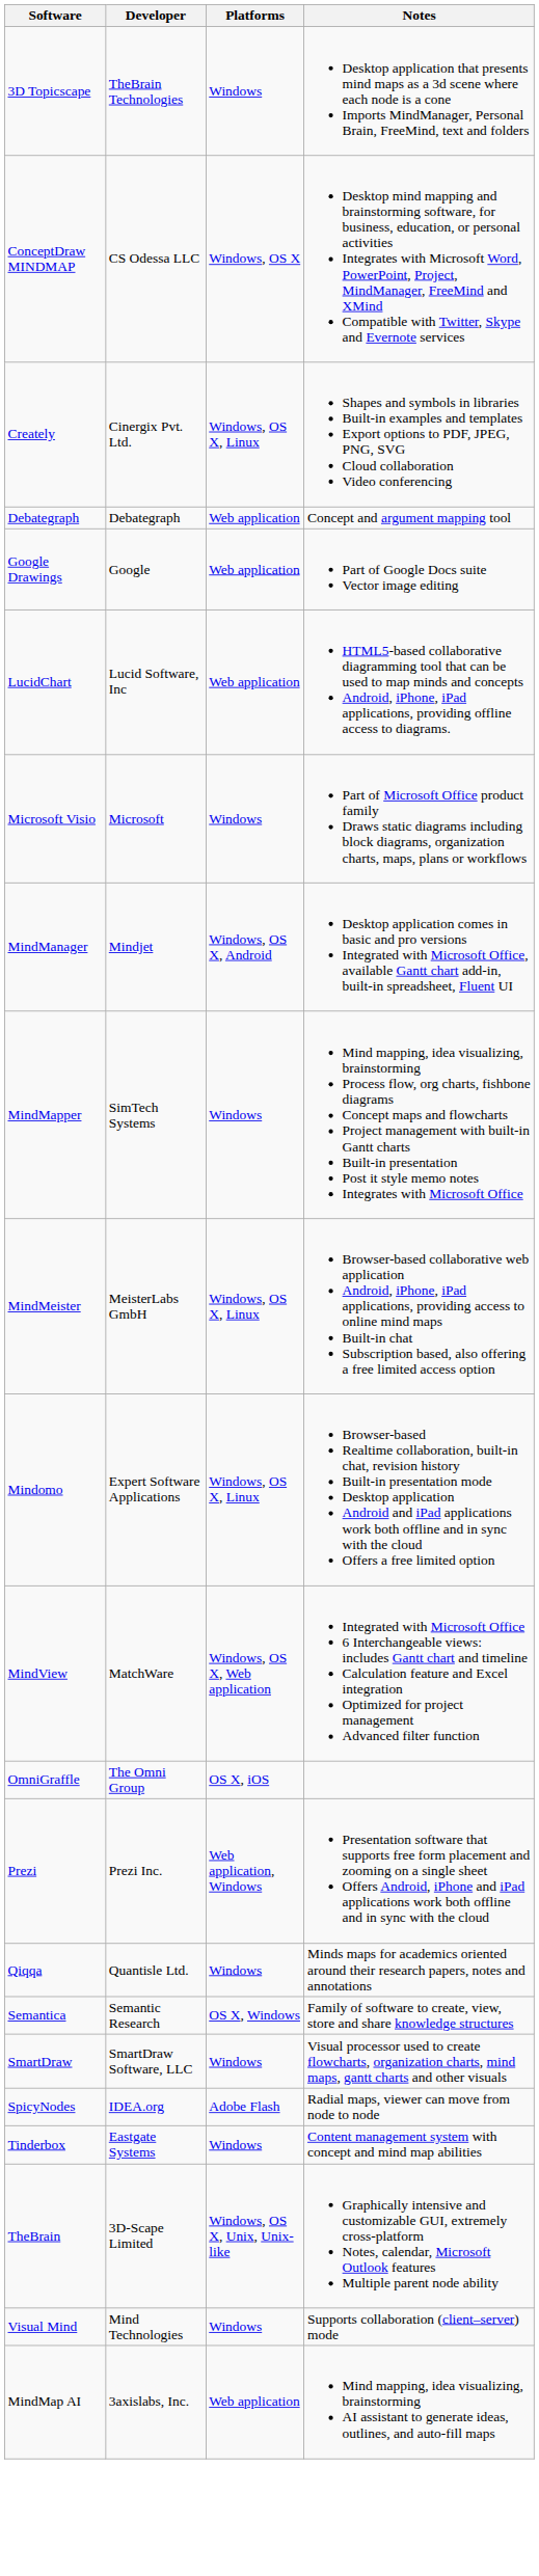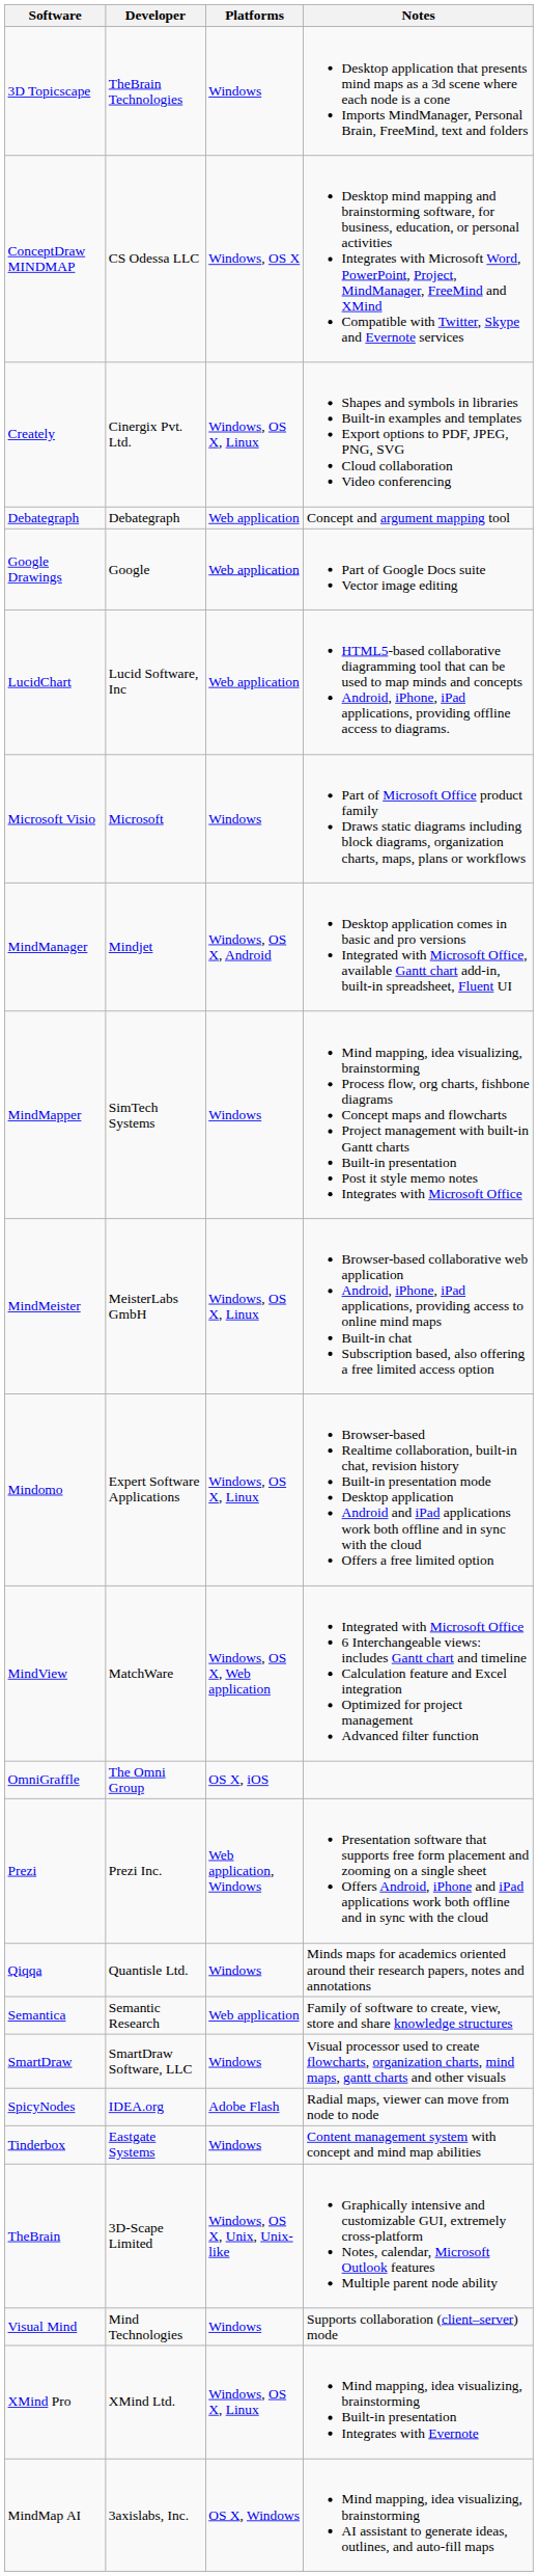 <table class="wikitable sortable sort-under mw-collapsible ">
 <tr>
 <th>Software</th>
 <th>Developer</th>
 <th>Platforms</th>
 <th>Notes</th>
 </tr>
 <tr>
 <td><a href='#'>3D Topicscape</a></td>
 <td><a href='#'>TheBrain Technologies</a></td>
 <td><a href='#'>Windows</a></td>
 <td><br><ul><li>Desktop application that presents mind maps as a 3d scene where each node is a cone</li><li>Imports MindManager, Personal Brain, FreeMind, text and folders</li></ul></td>
 </tr>
 <tr>
 <td><a href='#'>ConceptDraw MINDMAP</a></td>
 <td>CS Odessa LLC</td>
 <td><a href='#'>Windows</a>, <a href='#'>OS X</a></td>
 <td><br><ul><li>Desktop mind mapping and brainstorming software, for business, education, or personal activities</li><li>Integrates with Microsoft <a href='#'>Word</a>, <a href='#'>PowerPoint</a>, <a href='#'>Project</a>, <a href='#'>MindManager</a>, <a href='#'>FreeMind</a> and <a href='#'>XMind</a></li><li>Compatible with <a href='#'>Twitter</a>, <a href='#'>Skype</a> and <a href='#'>Evernote</a> services</li></ul></td>
 </tr>
 <tr>
 <td><a href='#'>Creately</a></td>
 <td>Cinergix Pvt. Ltd.</td>
 <td><a href='#'>Windows</a>, <a href='#'>OS X</a>, <a href='#'>Linux</a></td>
 <td><br><ul><li>Shapes and symbols in libraries</li><li>Built-in examples and templates</li><li>Export options to PDF, JPEG, PNG, SVG</li><li>Cloud collaboration</li><li>Video conferencing</li></ul></td>
 </tr>
 <tr>
 <td><a href='#'>Debategraph</a></td>
 <td>Debategraph</td>
 <td><a href='#'>Web application</a></td>
 <td>Concept and <a href='#'>argument mapping</a> tool</td>
 </tr>
 <tr>
 <td><a href='#'>Google Drawings</a></td>
 <td>Google</td>
 <td><a href='#'>Web application</a></td>
 <td><br><ul><li>Part of Google Docs suite</li><li>Vector image editing</li></ul></td>
 </tr>
 <tr>
 <td><a href='#'>LucidChart</a></td>
 <td>Lucid Software, Inc</td>
 <td><a href='#'>Web application</a></td>
 <td><br><ul><li><a href='#'>HTML5</a>-based collaborative diagramming tool that can be used to map minds and concepts</li><li><a href='#'>Android</a>, <a href='#'>iPhone</a>, <a href='#'>iPad</a> applications, providing offline access to diagrams.</li></ul></td>
 </tr>
 <tr>
 <td><a href='#'>Microsoft Visio</a></td>
 <td><a href='#'>Microsoft</a></td>
 <td><a href='#'>Windows</a></td>
 <td><br><ul><li>Part of <a href='#'>Microsoft Office</a> product family</li><li>Draws static diagrams including block diagrams, organization charts, maps, plans or workflows</li></ul></td>
 </tr>
 <tr>
 <td><a href='#'>MindManager</a></td>
 <td><a href='#'>Mindjet</a></td>
 <td><a href='#'>Windows</a>, <a href='#'>OS X</a>, <a href='#'>Android</a></td>
 <td><br><ul><li>Desktop application comes in basic and pro versions</li><li>Integrated with <a href='#'>Microsoft Office</a>, available <a href='#'>Gantt chart</a> add-in, built-in spreadsheet, <a href='#'>Fluent</a> UI</li></ul></td>
 </tr>
 <tr>
 <td><a href='#'>MindMapper</a></td>
 <td>SimTech Systems</td>
 <td><a href='#'>Windows</a></td>
 <td><br><ul><li>Mind mapping, idea visualizing, brainstorming</li><li>Process flow, org charts, fishbone diagrams</li><li>Concept maps and flowcharts</li><li>Project management with built-in Gantt charts</li><li>Built-in presentation</li><li>Post it style memo notes</li><li>Integrates with <a href='#'>Microsoft Office</a></li></ul></td>
 </tr>
 <tr>
 <td><a href='#'>MindMeister</a></td>
 <td>MeisterLabs GmbH</td>
 <td><a href='#'>Windows</a>, <a href='#'>OS X</a>, <a href='#'>Linux</a></td>
 <td><br><ul><li>Browser-based collaborative web application</li><li><a href='#'>Android</a>, <a href='#'>iPhone</a>, <a href='#'>iPad</a> applications, providing access to online mind maps</li><li>Built-in chat</li><li>Subscription based, also offering a free limited access option</li></ul></td>
 </tr>
 <tr>
 <td><a href='#'>Mindomo</a></td>
 <td>Expert Software Applications</td>
 <td><a href='#'>Windows</a>, <a href='#'>OS X</a>, <a href='#'>Linux</a></td>
 <td><br><ul><li>Browser-based</li><li>Realtime collaboration, built-in chat, revision history</li><li>Built-in presentation mode</li><li>Desktop application</li><li><a href='#'>Android</a> and <a href='#'>iPad</a> applications work both offline and in sync with the cloud</li><li>Offers a free limited option</li></ul></td>
 </tr>
 <tr>
 <td><a href='#'>MindView</a></td>
 <td>MatchWare</td>
 <td><a href='#'>Windows</a>, <a href='#'>OS X</a>, <a href='#'>Web application</a></td>
 <td><br><ul><li>Integrated with <a href='#'>Microsoft Office</a></li><li>6 Interchangeable views: includes <a href='#'>Gantt chart</a> and timeline</li><li>Calculation feature and Excel integration</li><li>Optimized for project management</li><li>Advanced filter function</li></ul></td>
 </tr>
 <tr>
 <td><a href='#'>OmniGraffle</a></td>
 <td><a href='#'>The Omni Group</a></td>
 <td><a href='#'>OS X</a>, <a href='#'>iOS</a></td>
 <td></td>
 </tr>
 <tr>
 <td><a href='#'>Prezi</a></td>
 <td>Prezi Inc.</td>
 <td><a href='#'>Web application</a>, <a href='#'>Windows</a></td>
 <td><br><ul><li>Presentation software that supports free form placement and zooming on a single sheet</li><li>Offers <a href='#'>Android</a>, <a href='#'>iPhone</a> and <a href='#'>iPad</a> applications work both offline and in sync with the cloud</li></ul></td>
 </tr>
 <tr>
 <td><a href='#'>Qiqqa</a></td>
 <td>Quantisle Ltd.</td>
 <td><a href='#'>Windows</a></td>
 <td>Minds maps for academics oriented around their research papers, notes and annotations</td>
 </tr>
 <tr>
 <td><a href='#'>Semantica</a></td>
 <td>Semantic Research</td>
-<td><a href='#'>OS X</a>, <a href='#'>Windows</a></td>
+<td><a href='#'>Web application</a></td>
 <td>Family of software to create, view, store and share <a href='#'>knowledge structures</a></td>
 </tr>
 <tr>
 <td><a href='#'>SmartDraw</a></td>
 <td>SmartDraw Software, LLC</td>
 <td><a href='#'>Windows</a></td>
 <td>Visual processor used to create <a href='#'>flowcharts</a>, <a href='#'>organization charts</a>, <a href='#'>mind maps</a>, <a href='#'>gantt charts</a> and other visuals</td>
 </tr>
 <tr>
 <td><a href='#'>SpicyNodes</a></td>
 <td><a href='#'>IDEA.org</a></td>
 <td><a href='#'>Adobe Flash</a></td>
 <td>Radial maps, viewer can move from node to node</td>
 </tr>
 <tr>
 <td><a href='#'>Tinderbox</a></td>
 <td><a href='#'>Eastgate Systems</a></td>
 <td><a href='#'>Windows</a></td>
 <td><a href='#'>Content management system</a> with concept and mind map abilities</td>
 </tr>
 <tr>
 <td><a href='#'>TheBrain</a></td>
 <td>3D-Scape Limited</td>
 <td><a href='#'>Windows</a>, <a href='#'>OS X</a>, <a href='#'>Unix</a>, <a href='#'>Unix-like</a></td>
 <td><br><ul><li>Graphically intensive and customizable GUI, extremely cross-platform</li><li>Notes, calendar, <a href='#'>Microsoft Outlook</a> features</li><li>Multiple parent node ability</li></ul></td>
 </tr>
 <tr>
 <td><a href='#'>Visual Mind</a></td>
 <td>Mind Technologies</td>
 <td><a href='#'>Windows</a></td>
 <td>Supports collaboration (<a href='#'>client–server</a>) mode</td>
 </tr>
 <tr>
+<td><a href='#'>XMind</a> Pro</td>
+<td>XMind Ltd.</td>
+<td><a href='#'>Windows</a>, <a href='#'>OS X</a>, <a href='#'>Linux</a></td>
+<td><br><ul><li>Mind mapping, idea visualizing, brainstorming</li><li>Built-in presentation</li><li>Integrates with <a href='#'>Evernote</a></li></ul></td>
+</tr>
+<tr>
 <td>MindMap AI</td>
 <td>3axislabs, Inc.</td>
-<td><a href='#'>Web application</a></td>
+<td><a href='#'>OS X</a>, <a href='#'>Windows</a></td>
 <td><br><ul><li>Mind mapping, idea visualizing, brainstorming</li><li>AI assistant to generate ideas, outlines, and auto-fill maps</li></ul></td>
 </tr>
 </table>
